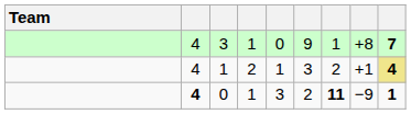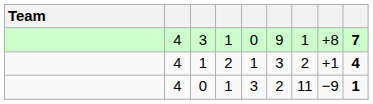 <table class="wikitable" style="text-align: center;">
 <tr>
 <th width=165 style="text-align:left;">Team</th>
 <th width=20></th>
 <th width=20></th>
 <th width=20></th>
 <th width=20></th>
 <th width=20></th>
 <th width=20></th>
 <th width=20></th>
 <th width=20></th>
 </tr>
 <tr style="background:#ccffcc;">
 <td style="text-align:left;"></td>
 <td>4</td>
 <td>3</td>
 <td>1</td>
 <td>0</td>
 <td>9</td>
 <td>1</td>
 <td>+8</td>
 <td><strong>7</strong></td>
 </tr>
 <tr>
 <td style="text-align:left;"></td>
 <td>4</td>
 <td>1</td>
 <td>2</td>
 <td>1</td>
 <td>3</td>
 <td>2</td>
 <td>+1</td>
-<td style="background: khaki;"><strong>4</strong></td>
+<td><strong>4</strong></td>
 </tr>
 <tr>
 <td style="text-align:left;"></td>
-<td><strong>4</strong></td>
+<td>4</td>
 <td>0</td>
 <td>1</td>
 <td>3</td>
 <td>2</td>
-<td><strong>11</strong></td>
+<td>11</td>
 <td>−9</td>
 <td><strong>1</strong></td>
 </tr>
 </table>
